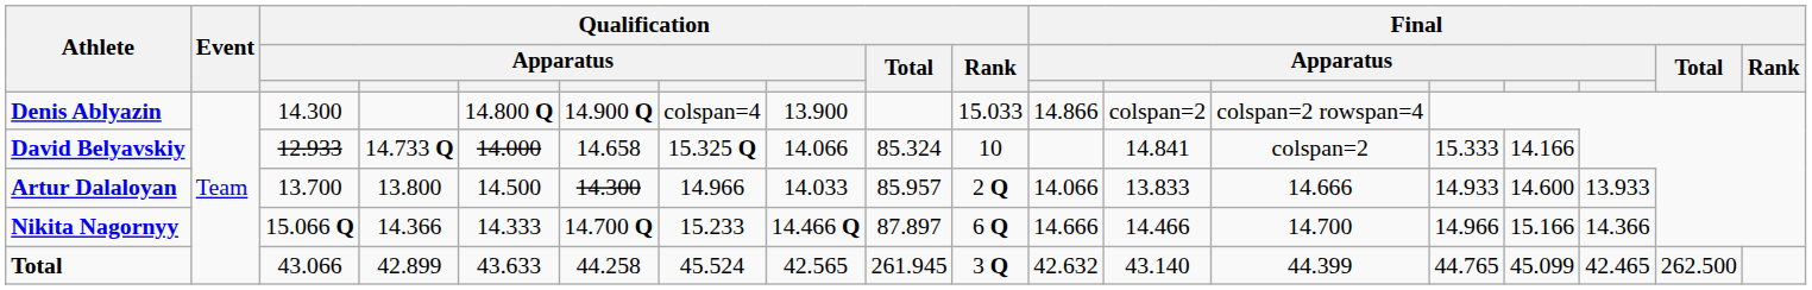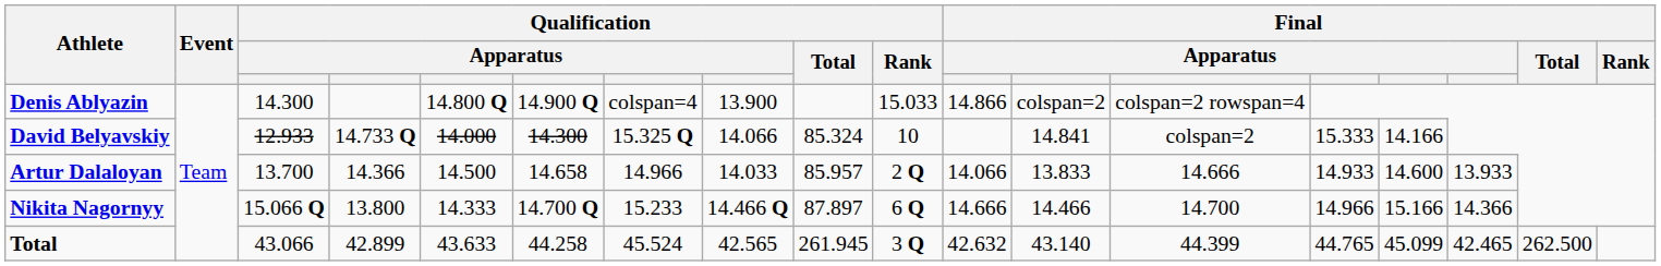 <table class="wikitable" style="text-align:center; font-size:90%">
 <tr>
 <th rowspan=3>Athlete</th>
 <th rowspan=3>Event</th>
 <th colspan =8>Qualification</th>
 <th colspan =8>Final</th>
 </tr>
 <tr style="font-size:95%">
 <th colspan=6>Apparatus</th>
 <th rowspan=2>Total</th>
 <th rowspan=2>Rank</th>
 <th colspan=6>Apparatus</th>
 <th rowspan=2>Total</th>
 <th rowspan=2>Rank</th>
 </tr>
 <tr style="font-size:95%">
 <th></th>
 <th></th>
 <th></th>
 <th></th>
 <th></th>
 <th></th>
 <th></th>
 <th></th>
 <th></th>
 <th></th>
 <th></th>
 <th></th>
 </tr>
 <tr>
 <td align=left><strong><a href='#'>Denis Ablyazin</a></strong></td>
 <td align=left rowspan=5><a href='#'>Team</a></td>
 <td>14.300</td>
 <td></td>
 <td>14.800 <strong>Q</strong></td>
 <td>14.900 <strong>Q</strong></td>
 <td>colspan=4 </td>
 <td>13.900</td>
 <td></td>
 <td>15.033</td>
 <td>14.866</td>
 <td>colspan=2 </td>
 <td>colspan=2 rowspan=4 </td>
 </tr>
 <tr>
 <td align=left><strong><a href='#'>David Belyavskiy</a></strong></td>
 <td><s>12.933</s></td>
 <td>14.733 <strong>Q</strong></td>
 <td><s>14.000</s></td>
-<td>14.658</td>
+<td><s>14.300</s></td>
 <td>15.325 <strong>Q</strong></td>
 <td>14.066</td>
 <td>85.324</td>
 <td>10</td>
 <td></td>
 <td>14.841</td>
 <td>colspan=2 </td>
 <td>15.333</td>
 <td>14.166</td>
 </tr>
 <tr>
 <td align=left><strong><a href='#'>Artur Dalaloyan</a></strong></td>
 <td>13.700</td>
-<td>13.800</td>
+<td>14.366</td>
 <td>14.500</td>
-<td><s>14.300</s></td>
+<td>14.658</td>
 <td>14.966</td>
 <td>14.033</td>
 <td>85.957</td>
 <td>2 <strong>Q</strong></td>
 <td>14.066</td>
 <td>13.833</td>
 <td>14.666</td>
 <td>14.933</td>
 <td>14.600</td>
 <td>13.933</td>
 </tr>
 <tr>
 <td align=left><strong><a href='#'>Nikita Nagornyy</a></strong></td>
 <td>15.066 <strong>Q</strong></td>
-<td>14.366</td>
+<td>13.800</td>
 <td>14.333</td>
 <td>14.700 <strong>Q</strong></td>
 <td>15.233</td>
 <td>14.466 <strong>Q</strong></td>
 <td>87.897</td>
 <td>6 <strong>Q</strong></td>
 <td>14.666</td>
 <td>14.466</td>
 <td>14.700</td>
 <td>14.966</td>
 <td>15.166</td>
 <td>14.366</td>
 </tr>
 <tr>
 <td align=left><strong>Total</strong></td>
 <td>43.066</td>
 <td>42.899</td>
 <td>43.633</td>
 <td>44.258</td>
 <td>45.524</td>
 <td>42.565</td>
 <td>261.945</td>
 <td>3 <strong>Q</strong></td>
 <td>42.632</td>
 <td>43.140</td>
 <td>44.399</td>
 <td>44.765</td>
 <td>45.099</td>
 <td>42.465</td>
 <td>262.500</td>
 <td></td>
 </tr>
 </table>
